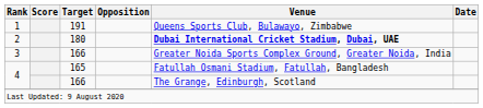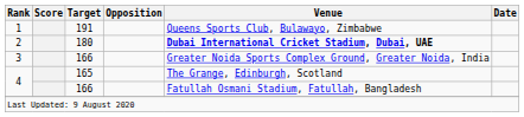 <table class="wikitable plainrowheaders sortable">
 <tr>
 <th scope=col>Rank</th>
 <th scope=col>Score</th>
 <th scope=col>Target</th>
 <th scope=col>Opposition</th>
 <th scope=col>Venue</th>
 <th scope=col>Date</th>
 </tr>
 <tr>
 <td align=center>1</td>
 <th scope=row style=text-align:center;></th>
 <td align=center>191</td>
 <td></td>
 <td><a href='#'>Queens Sports Club</a>, <a href='#'>Bulawayo</a>, Zimbabwe</td>
 <td></td>
 </tr>
 <tr>
 <td align=center>2</td>
 <th scope=row style=text-align:center;></th>
 <td align=center>180</td>
 <td></td>
 <td><strong><a href='#'>Dubai International Cricket Stadium</a>, <a href='#'>Dubai</a>, UAE</strong></td>
 <td></td>
 </tr>
 <tr>
 <td align=center>3</td>
 <th scope=row style=text-align:center;></th>
 <td align=center>166</td>
 <td></td>
 <td><a href='#'>Greater Noida Sports Complex Ground</a>, <a href='#'>Greater Noida</a>, India</td>
 <td></td>
 </tr>
 <tr>
 <td align=center rowspan=2>4</td>
 <th scope=row style=text-align:center;></th>
 <td align=center>165</td>
 <td></td>
-<td><a href='#'>Fatullah Osmani Stadium</a>, <a href='#'>Fatullah</a>, Bangladesh</td>
+<td><a href='#'>The Grange</a>, <a href='#'>Edinburgh</a>, Scotland</td>
 <td></td>
 </tr>
 <tr>
 <th scope=row style=text-align:center;></th>
 <td align=center>166</td>
 <td></td>
-<td><a href='#'>The Grange</a>, <a href='#'>Edinburgh</a>, Scotland</td>
+<td><a href='#'>Fatullah Osmani Stadium</a>, <a href='#'>Fatullah</a>, Bangladesh</td>
 <td></td>
 </tr>
 <tr>
 </tr>
 <tr class=sortbottom>
 <td colspan=6><small>Last Updated: 9 August 2020</small></td>
 </tr>
 </table>
